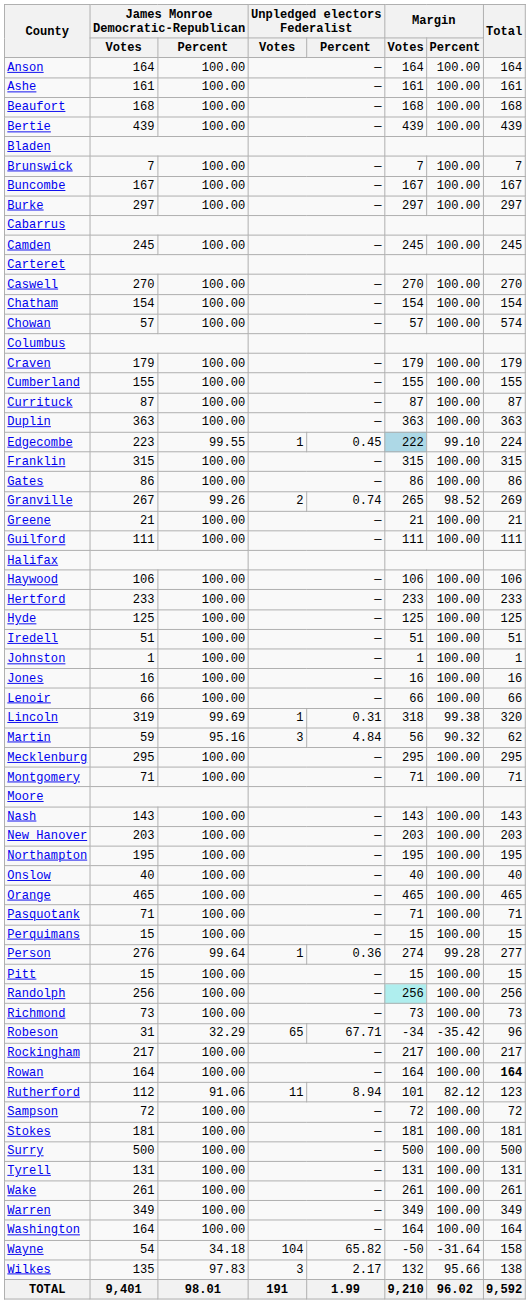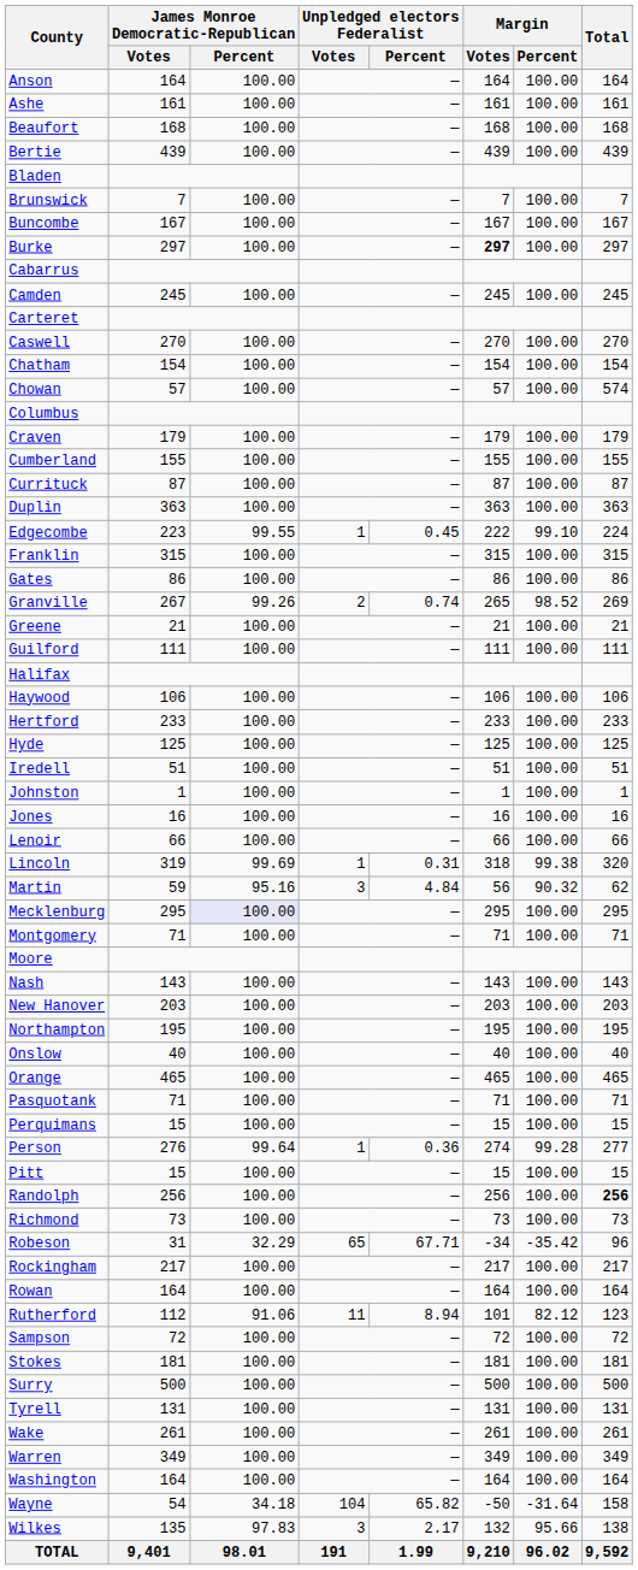 <table class="wikitable sortable">
 <tr>
 <th rowspan=2>County</th>
 <th colspan=2>James Monroe<br>Democratic-Republican</th>
 <th colspan=2>Unpledged electors<br>Federalist</th>
 <th colspan=2>Margin</th>
 <th rowspan=2>Total</th>
 </tr>
 <tr>
 <th>Votes</th>
 <th>Percent</th>
 <th>Votes</th>
 <th>Percent</th>
 <th>Votes</th>
 <th>Percent</th>
 </tr>
 <tr>
 <td><a href='#'>Anson</a></td>
 <td align=right>164</td>
 <td align=right>100.00</td>
 <td align=right colspan=2>—</td>
 <td align=right>164</td>
 <td align=right>100.00</td>
 <td align=right>164</td>
 </tr>
 <tr>
 <td><a href='#'>Ashe</a></td>
 <td align=right>161</td>
 <td align=right>100.00</td>
 <td align=right colspan=2>—</td>
 <td align=right>161</td>
 <td align=right>100.00</td>
 <td align=right>161</td>
 </tr>
 <tr>
 <td><a href='#'>Beaufort</a></td>
 <td align=right>168</td>
 <td align=right>100.00</td>
 <td align=right colspan=2>—</td>
 <td align=right>168</td>
 <td align=right>100.00</td>
 <td align=right>168</td>
 </tr>
 <tr>
 <td><a href='#'>Bertie</a></td>
 <td align=right>439</td>
 <td align=right>100.00</td>
 <td align=right colspan=2>—</td>
 <td align=right>439</td>
 <td align=right>100.00</td>
 <td align=right>439</td>
 </tr>
 <tr>
 <td><a href='#'>Bladen</a></td>
 <td align=right colspan=2></td>
 <td align=right colspan=2></td>
 <td align=right colspan=2></td>
 <td align=right></td>
 </tr>
 <tr>
 <td><a href='#'>Brunswick</a></td>
 <td align=right>7</td>
 <td align=right>100.00</td>
 <td align=right colspan=2>—</td>
 <td align=right>7</td>
 <td align=right>100.00</td>
 <td align=right>7</td>
 </tr>
 <tr>
 <td><a href='#'>Buncombe</a></td>
 <td align=right>167</td>
 <td align=right>100.00</td>
 <td align=right colspan=2>—</td>
 <td align=right>167</td>
 <td align=right>100.00</td>
 <td align=right>167</td>
 </tr>
 <tr>
 <td><a href='#'>Burke</a></td>
 <td align=right>297</td>
 <td align=right>100.00</td>
 <td align=right colspan=2>—</td>
-<td align=right>297</td>
+<td align=right><strong>297</strong></td>
 <td align=right>100.00</td>
 <td align=right>297</td>
 </tr>
 <tr>
 <td><a href='#'>Cabarrus</a></td>
 <td align=right colspan=2></td>
 <td align=right colspan=2></td>
 <td align=right colspan=2></td>
 <td align=right></td>
 </tr>
 <tr>
 <td><a href='#'>Camden</a></td>
 <td align=right>245</td>
 <td align=right>100.00</td>
 <td align=right colspan=2>—</td>
 <td align=right>245</td>
 <td align=right>100.00</td>
 <td align=right>245</td>
 </tr>
 <tr>
 <td><a href='#'>Carteret</a></td>
 <td align=right colspan=2></td>
 <td align=right colspan=2></td>
 <td align=right colspan=2></td>
 <td align=right></td>
 </tr>
 <tr>
 <td><a href='#'>Caswell</a></td>
 <td align=right>270</td>
 <td align=right>100.00</td>
 <td align=right colspan=2>—</td>
 <td align=right>270</td>
 <td align=right>100.00</td>
 <td align=right>270</td>
 </tr>
 <tr>
 <td><a href='#'>Chatham</a></td>
 <td align=right>154</td>
 <td align=right>100.00</td>
 <td align=right colspan=2>—</td>
 <td align=right>154</td>
 <td align=right>100.00</td>
 <td align=right>154</td>
 </tr>
 <tr>
 <td><a href='#'>Chowan</a></td>
 <td align=right>57</td>
 <td align=right>100.00</td>
 <td align=right colspan=2>—</td>
 <td align=right>57</td>
 <td align=right>100.00</td>
 <td align=right>574</td>
 </tr>
 <tr>
 <td><a href='#'>Columbus</a></td>
 <td align=right colspan=2></td>
 <td align=right colspan=2></td>
 <td align=right colspan=2></td>
 <td align=right></td>
 </tr>
 <tr>
 <td><a href='#'>Craven</a></td>
 <td align=right>179</td>
 <td align=right>100.00</td>
 <td align=right colspan=2>—</td>
 <td align=right>179</td>
 <td align=right>100.00</td>
 <td align=right>179</td>
 </tr>
 <tr>
 <td><a href='#'>Cumberland</a></td>
 <td align=right>155</td>
 <td align=right>100.00</td>
 <td align=right colspan=2>—</td>
 <td align=right>155</td>
 <td align=right>100.00</td>
 <td align=right>155</td>
 </tr>
 <tr>
 <td><a href='#'>Currituck</a></td>
 <td align=right>87</td>
 <td align=right>100.00</td>
 <td align=right colspan=2>—</td>
 <td align=right>87</td>
 <td align=right>100.00</td>
 <td align=right>87</td>
 </tr>
 <tr>
 <td><a href='#'>Duplin</a></td>
 <td align=right>363</td>
 <td align=right>100.00</td>
 <td align=right colspan=2>—</td>
 <td align=right>363</td>
 <td align=right>100.00</td>
 <td align=right>363</td>
 </tr>
 <tr>
 <td><a href='#'>Edgecombe</a></td>
 <td align=right>223</td>
 <td align=right>99.55</td>
 <td align=right>1</td>
 <td align=right>0.45</td>
-<td align=right style="background: lightblue;">222</td>
+<td align=right>222</td>
 <td align=right>99.10</td>
 <td align=right>224</td>
 </tr>
 <tr>
 <td><a href='#'>Franklin</a></td>
 <td align=right>315</td>
 <td align=right>100.00</td>
 <td align=right colspan=2>—</td>
 <td align=right>315</td>
 <td align=right>100.00</td>
 <td align=right>315</td>
 </tr>
 <tr>
 <td><a href='#'>Gates</a></td>
 <td align=right>86</td>
 <td align=right>100.00</td>
 <td align=right colspan=2>—</td>
 <td align=right>86</td>
 <td align=right>100.00</td>
 <td align=right>86</td>
 </tr>
 <tr>
 <td><a href='#'>Granville</a></td>
 <td align=right>267</td>
 <td align=right>99.26</td>
 <td align=right>2</td>
 <td align=right>0.74</td>
 <td align=right>265</td>
 <td align=right>98.52</td>
 <td align=right>269</td>
 </tr>
 <tr>
 <td><a href='#'>Greene</a></td>
 <td align=right>21</td>
 <td align=right>100.00</td>
 <td align=right colspan=2>—</td>
 <td align=right>21</td>
 <td align=right>100.00</td>
 <td align=right>21</td>
 </tr>
 <tr>
 <td><a href='#'>Guilford</a></td>
 <td align=right>111</td>
 <td align=right>100.00</td>
 <td align=right colspan=2>—</td>
 <td align=right>111</td>
 <td align=right>100.00</td>
 <td align=right>111</td>
 </tr>
 <tr>
 <td><a href='#'>Halifax</a></td>
 <td align=right colspan=2></td>
 <td align=right colspan=2></td>
 <td align=right colspan=2></td>
 <td align=right></td>
 </tr>
 <tr>
 <td><a href='#'>Haywood</a></td>
 <td align=right>106</td>
 <td align=right>100.00</td>
 <td align=right colspan=2>—</td>
 <td align=right>106</td>
 <td align=right>100.00</td>
 <td align=right>106</td>
 </tr>
 <tr>
 <td><a href='#'>Hertford</a></td>
 <td align=right>233</td>
 <td align=right>100.00</td>
 <td align=right colspan=2>—</td>
 <td align=right>233</td>
 <td align=right>100.00</td>
 <td align=right>233</td>
 </tr>
 <tr>
 <td><a href='#'>Hyde</a></td>
 <td align=right>125</td>
 <td align=right>100.00</td>
 <td align=right colspan=2>—</td>
 <td align=right>125</td>
 <td align=right>100.00</td>
 <td align=right>125</td>
 </tr>
 <tr>
 <td><a href='#'>Iredell</a></td>
 <td align=right>51</td>
 <td align=right>100.00</td>
 <td align=right colspan=2>—</td>
 <td align=right>51</td>
 <td align=right>100.00</td>
 <td align=right>51</td>
 </tr>
 <tr>
 <td><a href='#'>Johnston</a></td>
 <td align=right>1</td>
 <td align=right>100.00</td>
 <td align=right colspan=2>—</td>
 <td align=right>1</td>
 <td align=right>100.00</td>
 <td align=right>1</td>
 </tr>
 <tr>
 <td><a href='#'>Jones</a></td>
 <td align=right>16</td>
 <td align=right>100.00</td>
 <td align=right colspan=2>—</td>
 <td align=right>16</td>
 <td align=right>100.00</td>
 <td align=right>16</td>
 </tr>
 <tr>
 <td><a href='#'>Lenoir</a></td>
 <td align=right>66</td>
 <td align=right>100.00</td>
 <td align=right colspan=2>—</td>
 <td align=right>66</td>
 <td align=right>100.00</td>
 <td align=right>66</td>
 </tr>
 <tr>
 <td><a href='#'>Lincoln</a></td>
 <td align=right>319</td>
 <td align=right>99.69</td>
 <td align=right>1</td>
 <td align=right>0.31</td>
 <td align=right>318</td>
 <td align=right>99.38</td>
 <td align=right>320</td>
 </tr>
 <tr>
 <td><a href='#'>Martin</a></td>
 <td align=right>59</td>
 <td align=right>95.16</td>
 <td align=right>3</td>
 <td align=right>4.84</td>
 <td align=right>56</td>
 <td align=right>90.32</td>
 <td align=right>62</td>
 </tr>
 <tr>
 <td><a href='#'>Mecklenburg</a></td>
 <td align=right>295</td>
-<td align=right>100.00</td>
+<td align=right style="background: lavender;">100.00</td>
 <td align=right colspan=2>—</td>
 <td align=right>295</td>
 <td align=right>100.00</td>
 <td align=right>295</td>
 </tr>
 <tr>
 <td><a href='#'>Montgomery</a></td>
 <td align=right>71</td>
 <td align=right>100.00</td>
 <td align=right colspan=2>—</td>
 <td align=right>71</td>
 <td align=right>100.00</td>
 <td align=right>71</td>
 </tr>
 <tr>
 <td><a href='#'>Moore</a></td>
 <td align=right colspan=2></td>
 <td align=right colspan=2></td>
 <td align=right colspan=2></td>
 <td align=right></td>
 </tr>
 <tr>
 <td><a href='#'>Nash</a></td>
 <td align=right>143</td>
 <td align=right>100.00</td>
 <td align=right colspan=2>—</td>
 <td align=right>143</td>
 <td align=right>100.00</td>
 <td align=right>143</td>
 </tr>
 <tr>
 <td><a href='#'>New Hanover</a></td>
 <td align=right>203</td>
 <td align=right>100.00</td>
 <td align=right colspan=2>—</td>
 <td align=right>203</td>
 <td align=right>100.00</td>
 <td align=right>203</td>
 </tr>
 <tr>
 <td><a href='#'>Northampton</a></td>
 <td align=right>195</td>
 <td align=right>100.00</td>
 <td align=right colspan=2>—</td>
 <td align=right>195</td>
 <td align=right>100.00</td>
 <td align=right>195</td>
 </tr>
 <tr>
 <td><a href='#'>Onslow</a></td>
 <td align=right>40</td>
 <td align=right>100.00</td>
 <td align=right colspan=2>—</td>
 <td align=right>40</td>
 <td align=right>100.00</td>
 <td align=right>40</td>
 </tr>
 <tr>
 <td><a href='#'>Orange</a></td>
 <td align=right>465</td>
 <td align=right>100.00</td>
 <td align=right colspan=2>—</td>
 <td align=right>465</td>
 <td align=right>100.00</td>
 <td align=right>465</td>
 </tr>
 <tr>
 <td><a href='#'>Pasquotank</a></td>
 <td align=right>71</td>
 <td align=right>100.00</td>
 <td align=right colspan=2>—</td>
 <td align=right>71</td>
 <td align=right>100.00</td>
 <td align=right>71</td>
 </tr>
 <tr>
 <td><a href='#'>Perquimans</a></td>
 <td align=right>15</td>
 <td align=right>100.00</td>
 <td align=right colspan=2>—</td>
 <td align=right>15</td>
 <td align=right>100.00</td>
 <td align=right>15</td>
 </tr>
 <tr>
 <td><a href='#'>Person</a></td>
 <td align=right>276</td>
 <td align=right>99.64</td>
 <td align=right>1</td>
 <td align=right>0.36</td>
 <td align=right>274</td>
 <td align=right>99.28</td>
 <td align=right>277</td>
 </tr>
 <tr>
 <td><a href='#'>Pitt</a></td>
 <td align=right>15</td>
 <td align=right>100.00</td>
 <td align=right colspan=2>—</td>
 <td align=right>15</td>
 <td align=right>100.00</td>
 <td align=right>15</td>
 </tr>
 <tr>
 <td><a href='#'>Randolph</a></td>
 <td align=right>256</td>
 <td align=right>100.00</td>
 <td align=right colspan=2>—</td>
-<td align=right style="background: paleturquoise;">256</td>
+<td align=right>256</td>
 <td align=right>100.00</td>
-<td align=right>256</td>
+<td align=right><strong>256</strong></td>
 </tr>
 <tr>
 <td><a href='#'>Richmond</a></td>
 <td align=right>73</td>
 <td align=right>100.00</td>
 <td align=right colspan=2>—</td>
 <td align=right>73</td>
 <td align=right>100.00</td>
 <td align=right>73</td>
 </tr>
 <tr>
 <td><a href='#'>Robeson</a></td>
 <td align=right>31</td>
 <td align=right>32.29</td>
 <td align=right>65</td>
 <td align=right>67.71</td>
 <td align=right>-34</td>
 <td align=right>-35.42</td>
 <td align=right>96</td>
 </tr>
 <tr>
 <td><a href='#'>Rockingham</a></td>
 <td align=right>217</td>
 <td align=right>100.00</td>
 <td align=right colspan=2>—</td>
 <td align=right>217</td>
 <td align=right>100.00</td>
 <td align=right>217</td>
 </tr>
 <tr>
 <td><a href='#'>Rowan</a></td>
 <td align=right>164</td>
 <td align=right>100.00</td>
 <td align=right colspan=2>—</td>
 <td align=right>164</td>
 <td align=right>100.00</td>
-<td align=right><strong>164</strong></td>
+<td align=right>164</td>
 </tr>
 <tr>
 <td><a href='#'>Rutherford</a></td>
 <td align=right>112</td>
 <td align=right>91.06</td>
 <td align=right>11</td>
 <td align=right>8.94</td>
 <td align=right>101</td>
 <td align=right>82.12</td>
 <td align=right>123</td>
 </tr>
 <tr>
 <td><a href='#'>Sampson</a></td>
 <td align=right>72</td>
 <td align=right>100.00</td>
 <td align=right colspan=2>—</td>
 <td align=right>72</td>
 <td align=right>100.00</td>
 <td align=right>72</td>
 </tr>
 <tr>
 <td><a href='#'>Stokes</a></td>
 <td align=right>181</td>
 <td align=right>100.00</td>
 <td align=right colspan=2>—</td>
 <td align=right>181</td>
 <td align=right>100.00</td>
 <td align=right>181</td>
 </tr>
 <tr>
 <td><a href='#'>Surry</a></td>
 <td align=right>500</td>
 <td align=right>100.00</td>
 <td align=right colspan=2>—</td>
 <td align=right>500</td>
 <td align=right>100.00</td>
 <td align=right>500</td>
 </tr>
 <tr>
 <td><a href='#'>Tyrell</a></td>
 <td align=right>131</td>
 <td align=right>100.00</td>
 <td align=right colspan=2>—</td>
 <td align=right>131</td>
 <td align=right>100.00</td>
 <td align=right>131</td>
 </tr>
 <tr>
 <td><a href='#'>Wake</a></td>
 <td align=right>261</td>
 <td align=right>100.00</td>
 <td align=right colspan=2>—</td>
 <td align=right>261</td>
 <td align=right>100.00</td>
 <td align=right>261</td>
 </tr>
 <tr>
 <td><a href='#'>Warren</a></td>
 <td align=right>349</td>
 <td align=right>100.00</td>
 <td align=right colspan=2>—</td>
 <td align=right>349</td>
 <td align=right>100.00</td>
 <td align=right>349</td>
 </tr>
 <tr>
 <td><a href='#'>Washington</a></td>
 <td align=right>164</td>
 <td align=right>100.00</td>
 <td align=right colspan=2>—</td>
 <td align=right>164</td>
 <td align=right>100.00</td>
 <td align=right>164</td>
 </tr>
 <tr>
 <td><a href='#'>Wayne</a></td>
 <td align=right>54</td>
 <td align=right>34.18</td>
 <td align=right>104</td>
 <td align=right>65.82</td>
 <td align=right>-50</td>
 <td align=right>-31.64</td>
 <td align=right>158</td>
 </tr>
 <tr>
 <td><a href='#'>Wilkes</a></td>
 <td align=right>135</td>
 <td align=right>97.83</td>
 <td align=right>3</td>
 <td align=right>2.17</td>
 <td align=right>132</td>
 <td align=right>95.66</td>
 <td align=right>138</td>
 </tr>
 <tr>
 <th>TOTAL</th>
 <th>9,401</th>
 <th>98.01</th>
 <th>191</th>
 <th>1.99</th>
 <th>9,210</th>
 <th>96.02</th>
 <th>9,592</th>
 </tr>
 </table>
